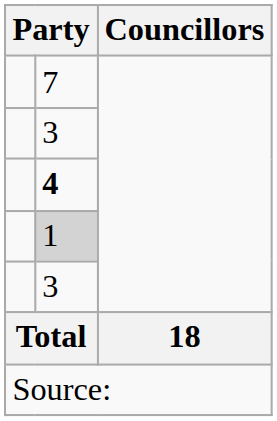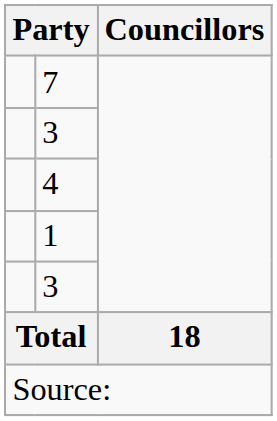 <table class="wikitable">
 <tr>
 <th colspan="2">Party</th>
 <th>Councillors</th>
 </tr>
 <tr>
 <td></td>
 <td>7</td>
 </tr>
 <tr>
 <td></td>
 <td>3</td>
 </tr>
 <tr>
 <td></td>
-<td><strong>4</strong></td>
+<td>4</td>
 </tr>
 <tr>
 <td></td>
-<td style="background: lightgrey;">1</td>
+<td>1</td>
 </tr>
 <tr>
 <td></td>
 <td>3</td>
 </tr>
 <tr>
 <th colspan="2">Total</th>
 <th>18</th>
 </tr>
 <tr>
 <td colspan="3">Source:</td>
 </tr>
 </table>
